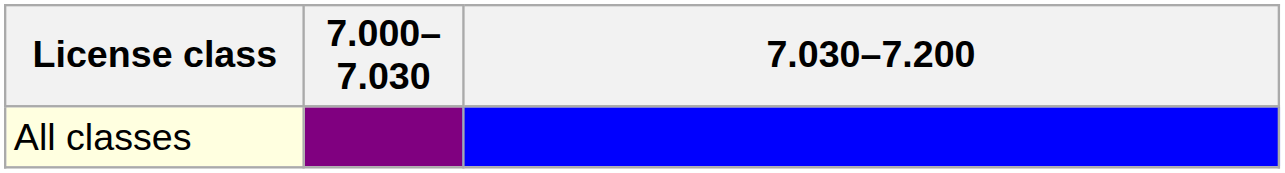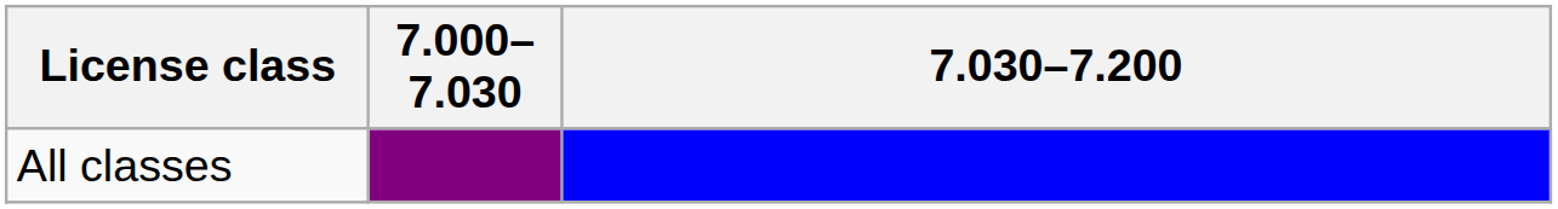 <table class="wikitable">
 <tr>
 <th style="width: 120px;">License class</th>
 <th style="width: 60px;">7.000–7.030</th>
 <th style="width: 340px;">7.030–7.200</th>
 </tr>
 <tr>
-<td style="background: lightyellow;">All classes</td>
+<td>All classes</td>
 <td style="background-color: purple"></td>
 <td style="background-color: blue"></td>
 </tr>
 </table>
